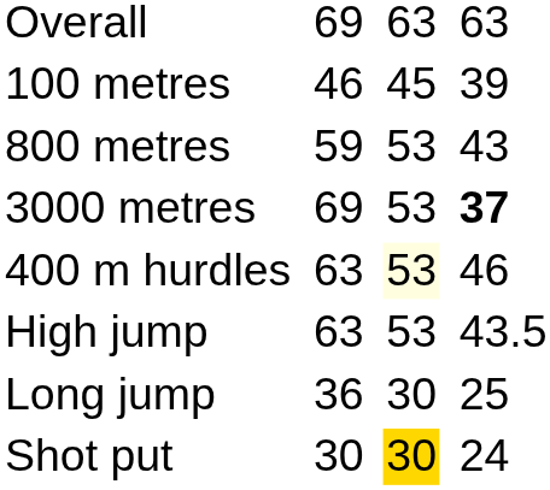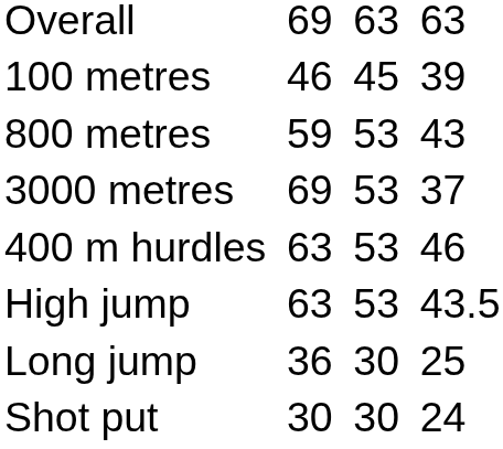 <table>
 <tr>
 <td>Overall</td>
 <td></td>
 <td>69</td>
 <td></td>
 <td>63</td>
 <td></td>
 <td>63</td>
 </tr>
 <tr>
 <td>100 metres</td>
 <td></td>
 <td>46</td>
 <td></td>
 <td>45</td>
 <td></td>
 <td>39</td>
 </tr>
 <tr>
 <td>800 metres</td>
 <td></td>
 <td>59</td>
 <td></td>
 <td>53</td>
 <td></td>
 <td>43</td>
 </tr>
 <tr>
 <td>3000 metres</td>
 <td></td>
 <td>69</td>
 <td></td>
 <td>53</td>
 <td></td>
-<td><strong>37</strong></td>
+<td>37</td>
 </tr>
 <tr>
 <td>400 m hurdles</td>
 <td></td>
 <td>63</td>
 <td></td>
-<td style="background: lightyellow;">53</td>
+<td>53</td>
 <td></td>
 <td>46</td>
 </tr>
 <tr>
 <td>High jump</td>
 <td></td>
 <td>63</td>
 <td></td>
 <td>53</td>
 <td></td>
 <td>43.5</td>
 </tr>
 <tr>
 <td>Long jump</td>
 <td></td>
 <td>36</td>
 <td></td>
 <td>30</td>
 <td></td>
 <td>25</td>
 </tr>
 <tr>
 <td>Shot put</td>
 <td></td>
 <td>30</td>
 <td></td>
-<td style="background: gold;">30</td>
+<td>30</td>
 <td></td>
 <td>24</td>
 </tr>
 </table>
